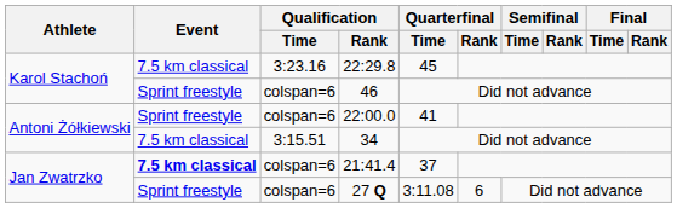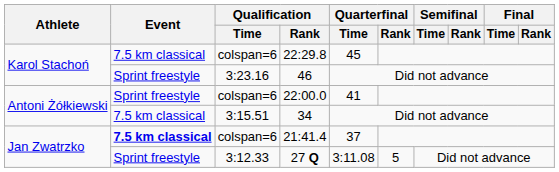 <table class="wikitable" style="font-size:90%">
 <tr>
 <th rowspan="2">Athlete</th>
 <th rowspan="2">Event</th>
 <th colspan="2">Qualification</th>
 <th colspan="2">Quarterfinal</th>
 <th colspan="2">Semifinal</th>
 <th colspan="2">Final</th>
 </tr>
 <tr style="font-size:95%">
 <th>Time</th>
 <th>Rank</th>
 <th>Time</th>
 <th>Rank</th>
 <th>Time</th>
 <th>Rank</th>
 <th>Time</th>
 <th>Rank</th>
 </tr>
 <tr align=center>
 <td align=left rowspan=2><a href='#'>Karol Stachoń</a></td>
 <td align=left><a href='#'>7.5 km classical</a></td>
-<td>3:23.16</td>
+<td>colspan=6</td>
 <td>22:29.8</td>
 <td>45</td>
 </tr>
 <tr align=center>
 <td align=left><a href='#'>Sprint freestyle</a></td>
-<td>colspan=6</td>
+<td>3:23.16</td>
 <td>46</td>
 <td colspan=6>Did not advance</td>
 </tr>
 <tr align=center>
 <td align=left rowspan=2><a href='#'>Antoni Żółkiewski</a></td>
 <td align=left><a href='#'>Sprint freestyle</a></td>
 <td>colspan=6</td>
 <td>22:00.0</td>
 <td>41</td>
 </tr>
 <tr align=center>
 <td align=left><a href='#'>7.5 km classical</a></td>
 <td>3:15.51</td>
 <td>34</td>
 <td colspan=6>Did not advance</td>
 </tr>
 <tr align=center>
 <td align=left rowspan=2><a href='#'>Jan Zwatrzko</a></td>
 <td align=left><strong><a href='#'>7.5 km classical</a></strong></td>
 <td>colspan=6</td>
 <td>21:41.4</td>
 <td>37</td>
 </tr>
 <tr align=center>
 <td align=left><a href='#'>Sprint freestyle</a></td>
-<td>colspan=6</td>
+<td>3:12.33</td>
 <td>27 <strong>Q</strong></td>
 <td>3:11.08</td>
-<td>6</td>
+<td>5</td>
 <td colspan=4>Did not advance</td>
 </tr>
 </table>
